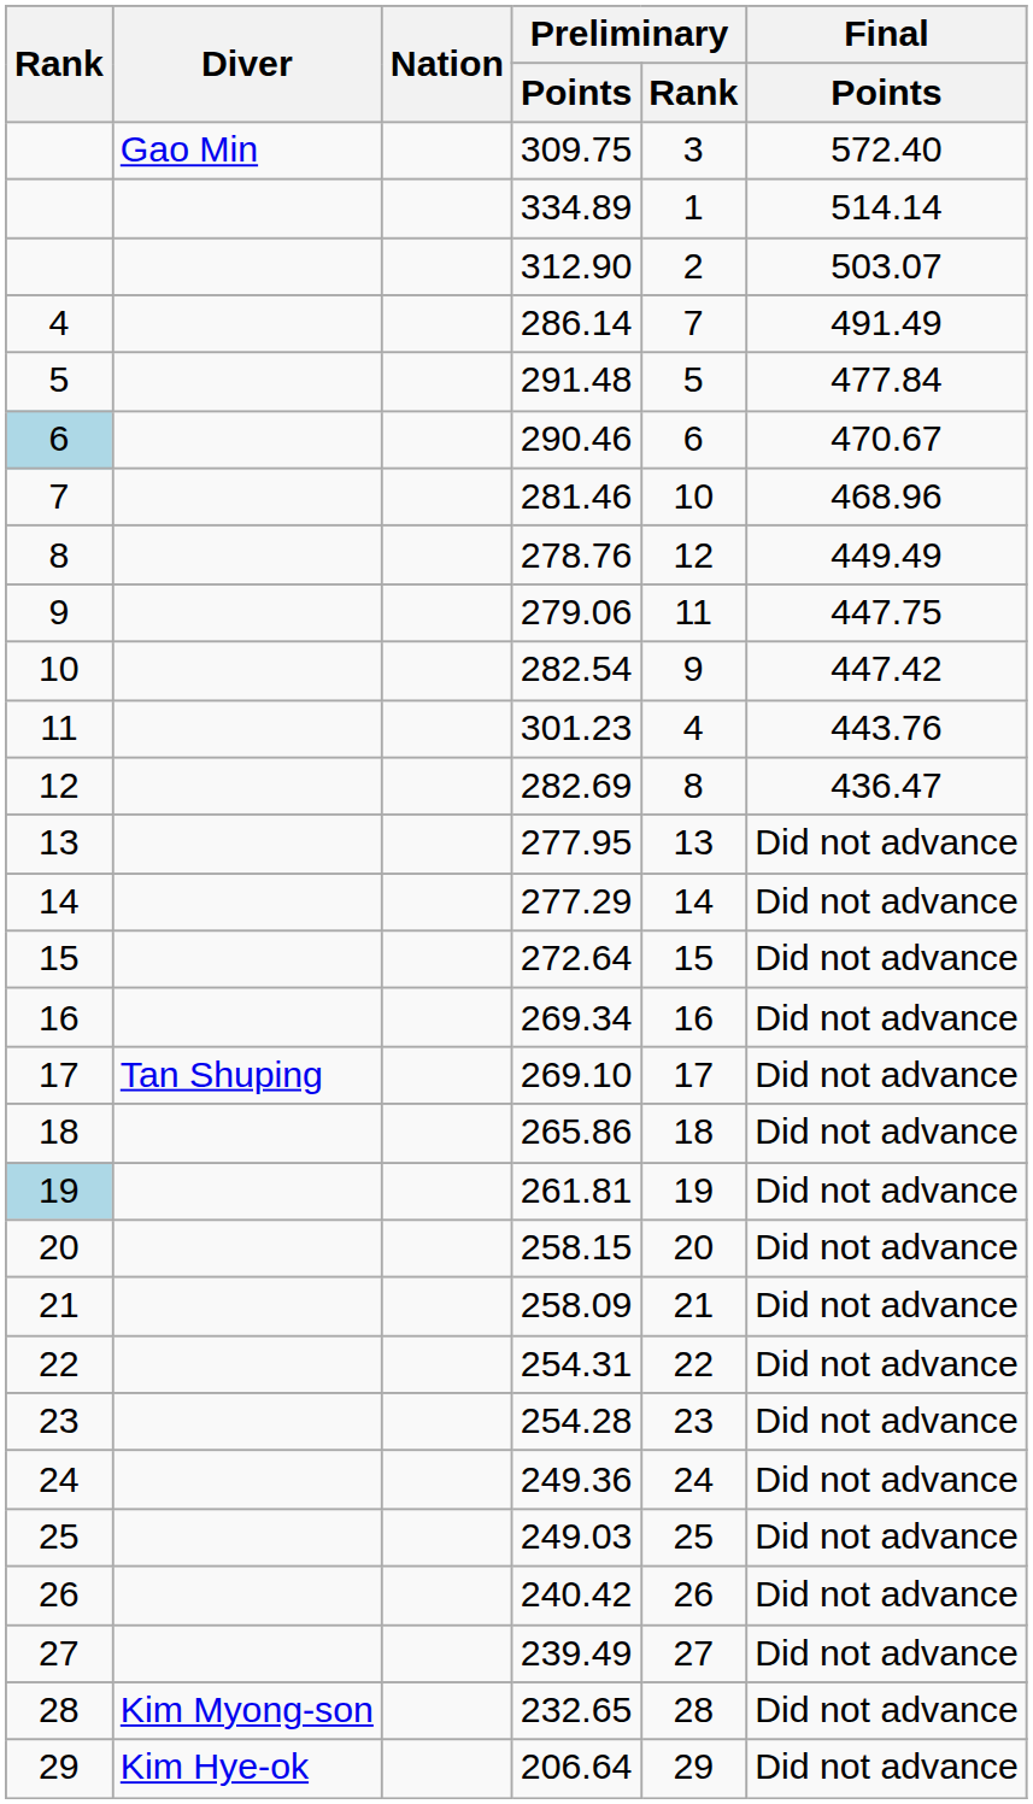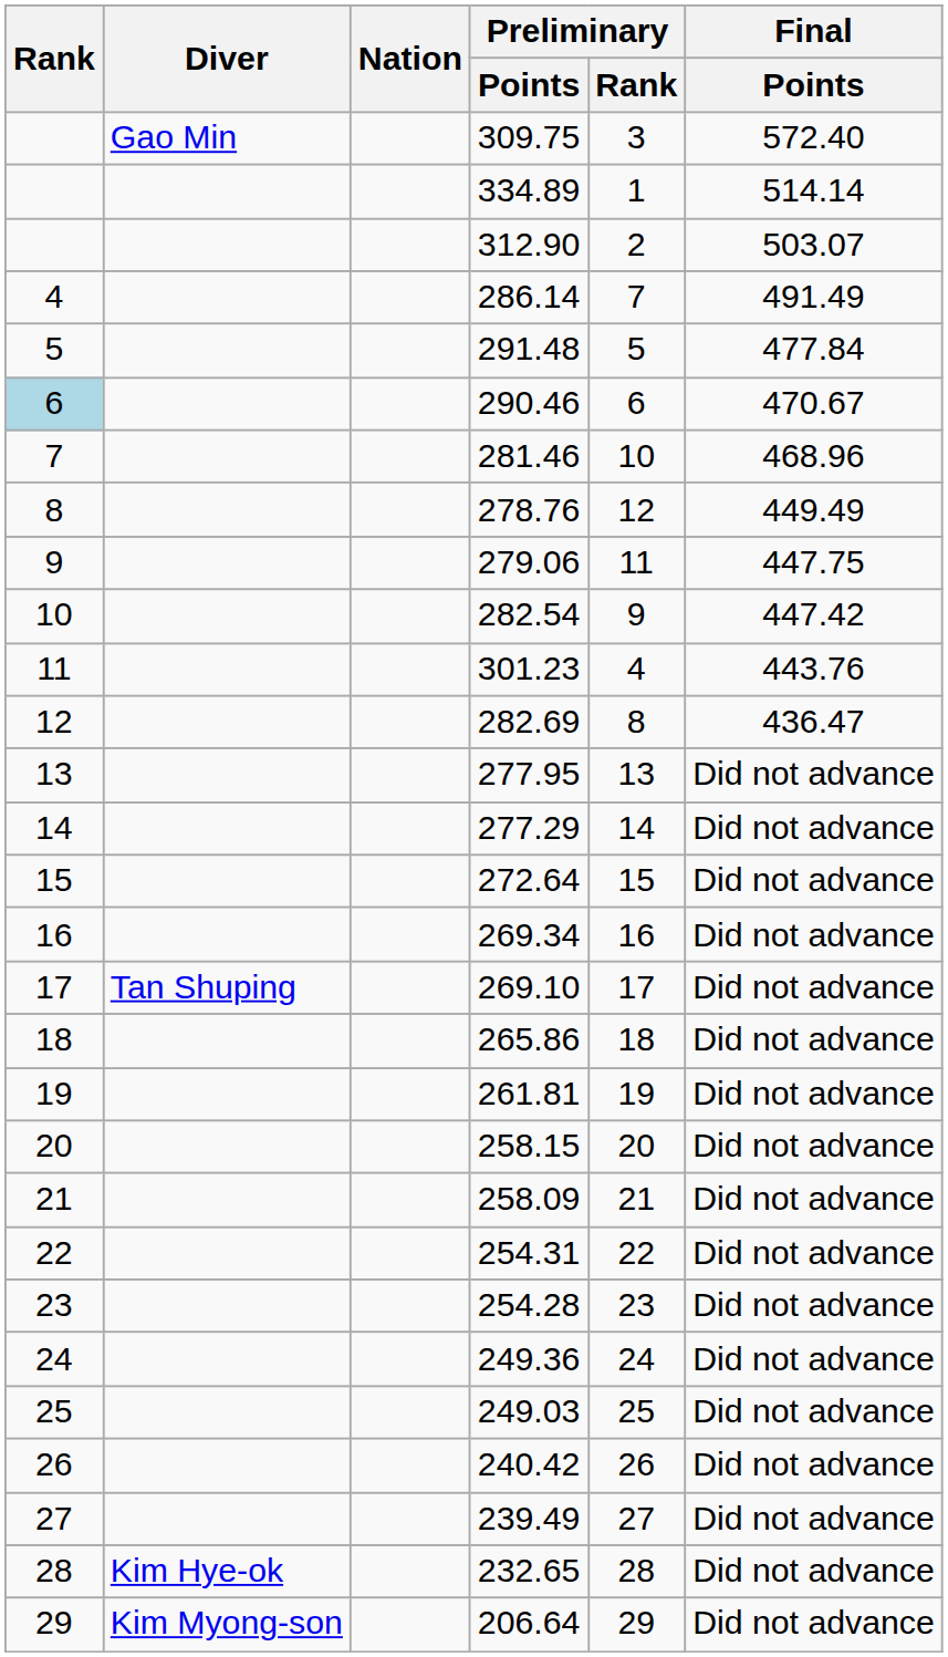 <table class="wikitable sortable" style="text-align:center;">
 <tr>
 <th rowspan=2>Rank</th>
 <th rowspan=2>Diver</th>
 <th rowspan=2>Nation</th>
 <th colspan=2>Preliminary</th>
 <th>Final</th>
 </tr>
 <tr>
 <th>Points</th>
 <th>Rank</th>
 <th>Points</th>
 </tr>
 <tr>
 <td></td>
 <td align=left><a href='#'>Gao Min</a></td>
 <td align=left></td>
 <td>309.75</td>
 <td>3</td>
 <td>572.40</td>
 </tr>
 <tr>
 <td></td>
 <td align=left></td>
 <td align=left></td>
 <td>334.89</td>
 <td>1</td>
 <td>514.14</td>
 </tr>
 <tr>
 <td></td>
 <td align=left></td>
 <td align=left></td>
 <td>312.90</td>
 <td>2</td>
 <td>503.07</td>
 </tr>
 <tr>
 <td>4</td>
 <td align=left></td>
 <td align=left></td>
 <td>286.14</td>
 <td>7</td>
 <td>491.49</td>
 </tr>
 <tr>
 <td>5</td>
 <td align=left></td>
 <td align=left></td>
 <td>291.48</td>
 <td>5</td>
 <td>477.84</td>
 </tr>
 <tr>
 <td style="background: lightblue;">6</td>
 <td align=left></td>
 <td align=left></td>
 <td>290.46</td>
 <td>6</td>
 <td>470.67</td>
 </tr>
 <tr>
 <td>7</td>
 <td align=left></td>
 <td align=left></td>
 <td>281.46</td>
 <td>10</td>
 <td>468.96</td>
 </tr>
 <tr>
 <td>8</td>
 <td align=left></td>
 <td align=left></td>
 <td>278.76</td>
 <td>12</td>
 <td>449.49</td>
 </tr>
 <tr>
 <td>9</td>
 <td align=left></td>
 <td align=left></td>
 <td>279.06</td>
 <td>11</td>
 <td>447.75</td>
 </tr>
 <tr>
 <td>10</td>
 <td align=left></td>
 <td align=left></td>
 <td>282.54</td>
 <td>9</td>
 <td>447.42</td>
 </tr>
 <tr>
 <td>11</td>
 <td align=left></td>
 <td align=left></td>
 <td>301.23</td>
 <td>4</td>
 <td>443.76</td>
 </tr>
 <tr>
 <td>12</td>
 <td align=left></td>
 <td align=left></td>
 <td>282.69</td>
 <td>8</td>
 <td>436.47</td>
 </tr>
 <tr>
 <td>13</td>
 <td align=left></td>
 <td align=left></td>
 <td>277.95</td>
 <td>13</td>
 <td>Did not advance</td>
 </tr>
 <tr>
 <td>14</td>
 <td align=left></td>
 <td align=left></td>
 <td>277.29</td>
 <td>14</td>
 <td>Did not advance</td>
 </tr>
 <tr>
 <td>15</td>
 <td align=left></td>
 <td align=left></td>
 <td>272.64</td>
 <td>15</td>
 <td>Did not advance</td>
 </tr>
 <tr>
 <td>16</td>
 <td align=left></td>
 <td align=left></td>
 <td>269.34</td>
 <td>16</td>
 <td>Did not advance</td>
 </tr>
 <tr>
 <td>17</td>
 <td align=left><a href='#'>Tan Shuping</a></td>
 <td align=left></td>
 <td>269.10</td>
 <td>17</td>
 <td>Did not advance</td>
 </tr>
 <tr>
 <td>18</td>
 <td align=left></td>
 <td align=left></td>
 <td>265.86</td>
 <td>18</td>
 <td>Did not advance</td>
 </tr>
 <tr>
-<td style="background: lightblue;">19</td>
+<td>19</td>
 <td align=left></td>
 <td align=left></td>
 <td>261.81</td>
 <td>19</td>
 <td>Did not advance</td>
 </tr>
 <tr>
 <td>20</td>
 <td align=left></td>
 <td align=left></td>
 <td>258.15</td>
 <td>20</td>
 <td>Did not advance</td>
 </tr>
 <tr>
 <td>21</td>
 <td align=left></td>
 <td align=left></td>
 <td>258.09</td>
 <td>21</td>
 <td>Did not advance</td>
 </tr>
 <tr>
 <td>22</td>
 <td align=left></td>
 <td align=left></td>
 <td>254.31</td>
 <td>22</td>
 <td>Did not advance</td>
 </tr>
 <tr>
 <td>23</td>
 <td align=left></td>
 <td align=left></td>
 <td>254.28</td>
 <td>23</td>
 <td>Did not advance</td>
 </tr>
 <tr>
 <td>24</td>
 <td align=left></td>
 <td align=left></td>
 <td>249.36</td>
 <td>24</td>
 <td>Did not advance</td>
 </tr>
 <tr>
 <td>25</td>
 <td align=left></td>
 <td align=left></td>
 <td>249.03</td>
 <td>25</td>
 <td>Did not advance</td>
 </tr>
 <tr>
 <td>26</td>
 <td align=left></td>
 <td align=left></td>
 <td>240.42</td>
 <td>26</td>
 <td>Did not advance</td>
 </tr>
 <tr>
 <td>27</td>
 <td align=left></td>
 <td align=left></td>
 <td>239.49</td>
 <td>27</td>
 <td>Did not advance</td>
 </tr>
 <tr>
 <td>28</td>
-<td align=left><a href='#'>Kim Myong-son</a></td>
+<td align=left><a href='#'>Kim Hye-ok</a></td>
 <td align=left></td>
 <td>232.65</td>
 <td>28</td>
 <td>Did not advance</td>
 </tr>
 <tr>
 <td>29</td>
-<td align=left><a href='#'>Kim Hye-ok</a></td>
+<td align=left><a href='#'>Kim Myong-son</a></td>
 <td align=left></td>
 <td>206.64</td>
 <td>29</td>
 <td>Did not advance</td>
 </tr>
 </table>
